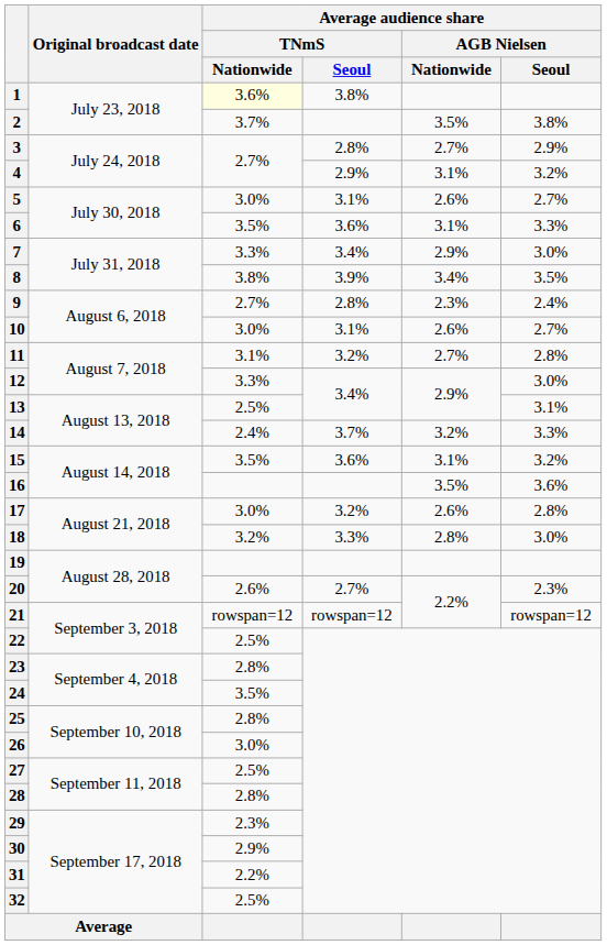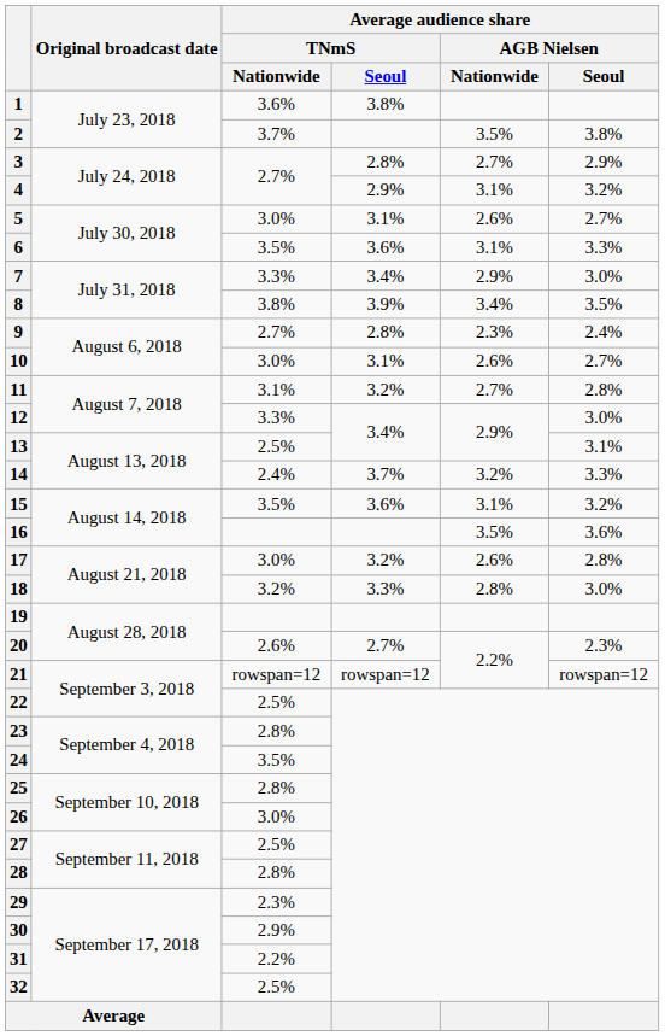 <table class="wikitable" style="text-align:center">
 <tr>
 <th rowspan="3"></th>
 <th rowspan="3">Original broadcast date</th>
 <th colspan="4">Average audience share</th>
 </tr>
 <tr>
 <th colspan="2">TNmS</th>
 <th colspan="2">AGB Nielsen</th>
 </tr>
 <tr>
 <th width="90">Nationwide</th>
 <th width="90"><a href='#'>Seoul</a></th>
 <th width="90">Nationwide</th>
 <th width="90">Seoul</th>
 </tr>
 <tr>
 <th>1</th>
 <td rowspan="2">July 23, 2018</td>
-<td style="background: lightyellow;">3.6%</td>
+<td>3.6%</td>
 <td>3.8%</td>
 <td> </td>
 <td> </td>
 </tr>
 <tr>
 <th>2</th>
 <td>3.7%</td>
 <td></td>
 <td>3.5% </td>
 <td>3.8% </td>
 </tr>
 <tr>
 <th>3</th>
 <td rowspan="2">July 24, 2018</td>
 <td rowspan="2">2.7%</td>
 <td>2.8%</td>
 <td>2.7% </td>
 <td>2.9% </td>
 </tr>
 <tr>
 <th>4</th>
 <td>2.9%</td>
 <td>3.1% </td>
 <td>3.2% </td>
 </tr>
 <tr>
 <th>5</th>
 <td rowspan="2">July 30, 2018</td>
 <td>3.0%</td>
 <td>3.1%</td>
 <td>2.6% </td>
 <td>2.7% </td>
 </tr>
 <tr>
 <th>6</th>
 <td>3.5%</td>
 <td>3.6%</td>
 <td>3.1% </td>
 <td>3.3% </td>
 </tr>
 <tr>
 <th>7</th>
 <td rowspan="2">July 31, 2018</td>
 <td>3.3%</td>
 <td>3.4%</td>
 <td>2.9% </td>
 <td>3.0% </td>
 </tr>
 <tr>
 <th>8</th>
 <td>3.8%</td>
 <td>3.9%</td>
 <td>3.4% </td>
 <td>3.5% </td>
 </tr>
 <tr>
 <th>9</th>
 <td rowspan="2">August 6, 2018</td>
 <td>2.7%</td>
 <td>2.8%</td>
 <td>2.3% </td>
 <td>2.4% </td>
 </tr>
 <tr>
 <th>10</th>
 <td>3.0%</td>
 <td>3.1%</td>
 <td>2.6% </td>
 <td>2.7% </td>
 </tr>
 <tr>
 <th>11</th>
 <td rowspan="2">August 7, 2018</td>
 <td>3.1%</td>
 <td>3.2%</td>
 <td>2.7% </td>
 <td>2.8% </td>
 </tr>
 <tr>
 <th>12</th>
 <td>3.3%</td>
 <td rowspan="2">3.4%</td>
 <td rowspan="2">2.9% </td>
 <td>3.0% </td>
 </tr>
 <tr>
 <th>13</th>
 <td rowspan="2">August 13, 2018</td>
 <td>2.5%</td>
 <td>3.1% </td>
 </tr>
 <tr>
 <th>14</th>
 <td>2.4%</td>
 <td>3.7%</td>
 <td>3.2% </td>
 <td>3.3% </td>
 </tr>
 <tr>
 <th>15</th>
 <td rowspan="2">August 14, 2018</td>
 <td>3.5%</td>
 <td>3.6%</td>
 <td>3.1% </td>
 <td>3.2% </td>
 </tr>
 <tr>
 <th>16</th>
 <td></td>
 <td></td>
 <td>3.5% </td>
 <td>3.6% </td>
 </tr>
 <tr>
 <th>17</th>
 <td rowspan="2">August 21, 2018</td>
 <td>3.0%</td>
 <td>3.2%</td>
 <td>2.6% </td>
 <td>2.8% </td>
 </tr>
 <tr>
 <th>18</th>
 <td>3.2%</td>
 <td>3.3%</td>
 <td>2.8% </td>
 <td>3.0% </td>
 </tr>
 <tr>
 <th>19</th>
 <td rowspan="2">August 28, 2018</td>
 <td></td>
 <td></td>
 <td> </td>
 <td> </td>
 </tr>
 <tr>
 <th>20</th>
 <td>2.6%</td>
 <td>2.7%</td>
 <td rowspan="2">2.2% </td>
 <td>2.3% </td>
 </tr>
 <tr>
 <th>21</th>
 <td rowspan="2">September 3, 2018</td>
 <td>rowspan=12 </td>
 <td>rowspan=12 </td>
 <td>rowspan=12 </td>
 </tr>
 <tr>
 <th>22</th>
 <td>2.5% </td>
 </tr>
 <tr>
 <th>23</th>
 <td rowspan="2">September 4, 2018</td>
 <td>2.8% </td>
 </tr>
 <tr>
 <th>24</th>
 <td>3.5% </td>
 </tr>
 <tr>
 <th>25</th>
 <td rowspan="2">September 10, 2018</td>
 <td>2.8% </td>
 </tr>
 <tr>
 <th>26</th>
 <td>3.0% </td>
 </tr>
 <tr>
 <th>27</th>
 <td rowspan="2">September 11, 2018</td>
 <td>2.5% </td>
 </tr>
 <tr>
 <th>28</th>
 <td>2.8% </td>
 </tr>
 <tr>
 <th>29</th>
 <td rowspan="4">September 17, 2018</td>
 <td>2.3% </td>
 </tr>
 <tr>
 <th>30</th>
 <td>2.9% </td>
 </tr>
 <tr>
 <th>31</th>
 <td>2.2% </td>
 </tr>
 <tr>
 <th>32</th>
 <td>2.5% </td>
 </tr>
 <tr>
 <th colspan="2">Average</th>
 <th></th>
 <th></th>
 <th></th>
 <th></th>
 </tr>
 </table>
